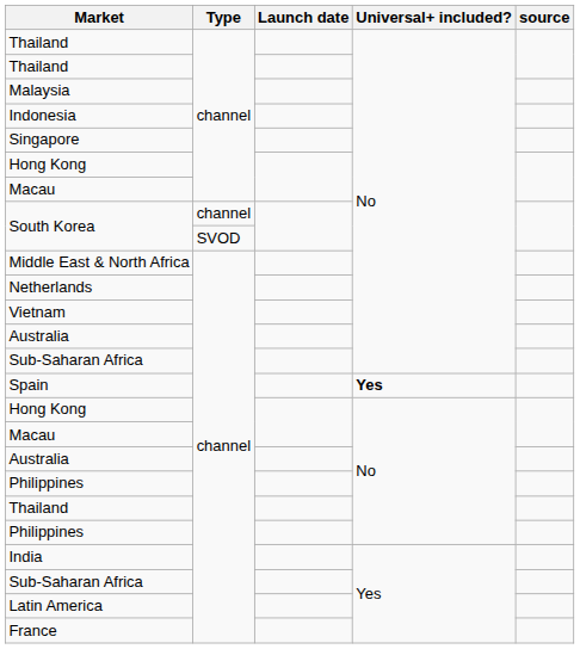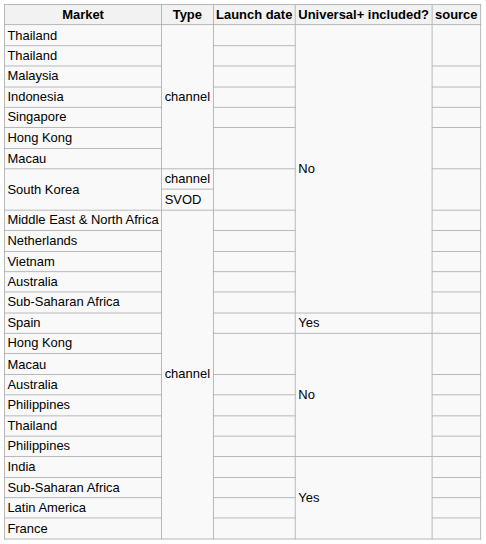 <table class="wikitable sortable">
 <tr>
 <th>Market </th>
 <th>Type </th>
 <th>Launch date </th>
 <th>Universal+ included?</th>
 <th>source</th>
 </tr>
 <tr>
 <td>Thailand </td>
 <td rowspan=7>channel</td>
 <td></td>
 <td rowspan="14">No</td>
 <td rowspan="2"></td>
 </tr>
 <tr>
 <td>Thailand </td>
 <td></td>
 </tr>
 <tr>
 <td>Malaysia</td>
 <td></td>
 <td></td>
 </tr>
 <tr>
 <td>Indonesia</td>
 <td></td>
 <td></td>
 </tr>
 <tr>
 <td>Singapore</td>
 <td></td>
 <td></td>
 </tr>
 <tr>
 <td>Hong Kong </td>
 <td rowspan=2></td>
 <td rowspan=2></td>
 </tr>
 <tr>
 <td>Macau </td>
 </tr>
 <tr>
 <td rowspan=2>South Korea</td>
 <td>channel</td>
 <td rowspan=2></td>
 <td rowspan=2></td>
 </tr>
 <tr>
 <td>SVOD</td>
 </tr>
 <tr>
 <td>Middle East & North Africa</td>
 <td rowspan=16>channel</td>
 <td></td>
 <td></td>
 </tr>
 <tr>
 <td>Netherlands</td>
 <td></td>
 <td></td>
 </tr>
 <tr>
 <td>Vietnam</td>
 <td></td>
 <td></td>
 </tr>
 <tr>
 <td>Australia </td>
 <td></td>
 <td></td>
 </tr>
 <tr>
 <td>Sub-Saharan Africa </td>
 <td></td>
 <td></td>
 </tr>
 <tr>
 <td>Spain</td>
 <td></td>
-<td><strong>Yes</strong></td>
+<td>Yes</td>
 <td></td>
 </tr>
 <tr>
 <td>Hong Kong </td>
 <td rowspan=2></td>
 <td rowspan="6">No</td>
 <td rowspan=2></td>
 </tr>
 <tr>
 <td>Macau </td>
 </tr>
 <tr>
 <td>Australia </td>
 <td></td>
 <td></td>
 </tr>
 <tr>
 <td>Philippines </td>
 <td></td>
 <td></td>
 </tr>
 <tr>
 <td>Thailand </td>
 <td></td>
 <td></td>
 </tr>
 <tr>
 <td>Philippines </td>
 <td></td>
 <td></td>
 </tr>
 <tr>
 <td>India</td>
 <td></td>
 <td rowspan="4">Yes</td>
 <td></td>
 </tr>
 <tr>
 <td>Sub-Saharan Africa </td>
 <td></td>
 <td></td>
 </tr>
 <tr>
 <td>Latin America</td>
 <td></td>
 <td></td>
 </tr>
 <tr>
 <td>France</td>
 <td></td>
 <td></td>
 </tr>
 </table>
